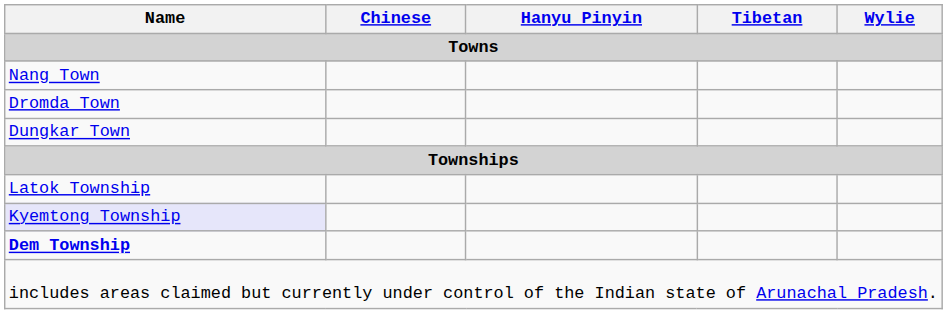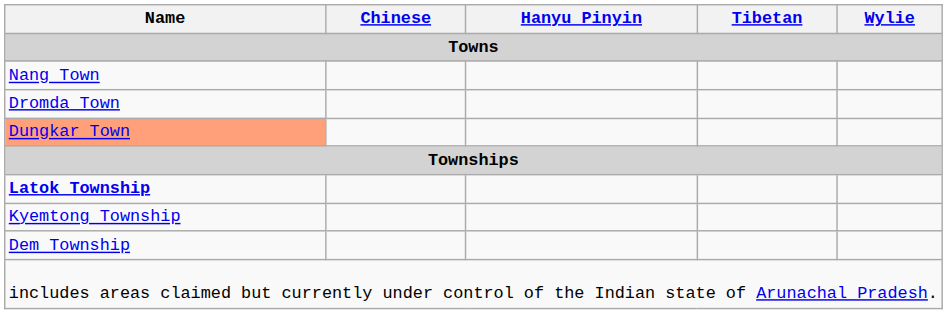 <table class="wikitable"  style="font-size:90%;" align=center>
 <tr>
 <th>Name</th>
 <th><a href='#'>Chinese</a></th>
 <th><a href='#'>Hanyu Pinyin</a></th>
 <th><a href='#'>Tibetan</a></th>
 <th><a href='#'>Wylie</a></th>
 </tr>
 <tr --------->
 <td colspan="5"  style="text-align:center; background:#d3d3d3;"><strong>Towns</strong></td>
 </tr>
 <tr --------->
 <td><a href='#'>Nang Town</a></td>
 <td></td>
 <td></td>
 <td></td>
 <td></td>
 </tr>
 <tr>
 <td><a href='#'>Dromda Town</a></td>
 <td></td>
 <td></td>
 <td></td>
 <td></td>
 </tr>
 <tr>
-<td><a href='#'>Dungkar Town</a></td>
+<td style="background: lightsalmon;"><a href='#'>Dungkar Town</a></td>
 <td></td>
 <td></td>
 <td></td>
 <td></td>
 </tr>
 <tr --------->
 <td colspan="5"  style="text-align:center; background:#d3d3d3;"><strong>Townships</strong></td>
 </tr>
 <tr --------->
-<td><a href='#'>Latok Township</a></td>
+<td><strong><a href='#'>Latok Township</a></strong></td>
 <td></td>
 <td></td>
 <td></td>
 <td></td>
 </tr>
 <tr>
-<td style="background: lavender;"><a href='#'>Kyemtong Township</a></td>
+<td><a href='#'>Kyemtong Township</a></td>
 <td></td>
 <td></td>
 <td></td>
 <td></td>
 </tr>
 <tr>
-<td><strong><a href='#'>Dem Township</a></strong></td>
+<td><a href='#'>Dem Township</a></td>
 <td></td>
 <td></td>
 <td></td>
 <td></td>
 </tr>
 <tr>
 <td colspan="8"><div><br> includes areas claimed but currently under control of the Indian state of <a href='#'>Arunachal Pradesh</a>. </div></td>
 </tr>
 </table>
